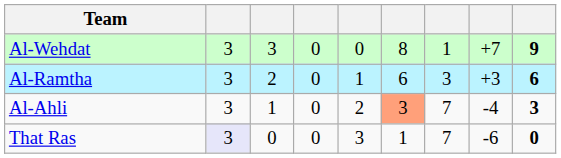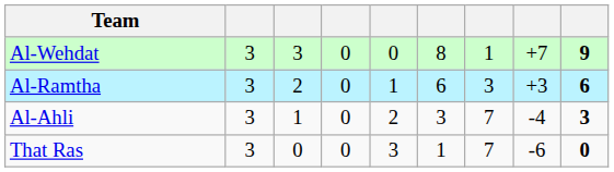 <table class="wikitable" style="text-align: center;">
 <tr>
 <th width="165">Team</th>
 <th width="30"></th>
 <th width="30"></th>
 <th width="30"></th>
 <th width="30"></th>
 <th width="30"></th>
 <th width="30"></th>
 <th width="30"></th>
 <th width="30"></th>
 </tr>
 <tr bgcolor="#ccffcc">
 <td align="left"><a href='#'>Al-Wehdat</a></td>
 <td>3</td>
 <td>3</td>
 <td>0</td>
 <td>0</td>
 <td>8</td>
 <td>1</td>
 <td>+7</td>
 <td><strong>9</strong></td>
 </tr>
 <tr bgcolor="#bbf3ff">
 <td align="left"><a href='#'>Al-Ramtha</a></td>
 <td>3</td>
 <td>2</td>
 <td>0</td>
 <td>1</td>
 <td>6</td>
 <td>3</td>
 <td>+3</td>
 <td><strong>6</strong></td>
 </tr>
 <tr>
 <td align="left"><a href='#'>Al-Ahli</a></td>
 <td>3</td>
 <td>1</td>
 <td>0</td>
 <td>2</td>
-<td style="background: lightsalmon;">3</td>
+<td>3</td>
 <td>7</td>
 <td>-4</td>
 <td><strong>3</strong></td>
 </tr>
 <tr>
 <td align="left"><a href='#'>That Ras</a></td>
-<td style="background: lavender;">3</td>
+<td>3</td>
 <td>0</td>
 <td>0</td>
 <td>3</td>
 <td>1</td>
 <td>7</td>
 <td>-6</td>
 <td><strong>0</strong></td>
 </tr>
 </table>
